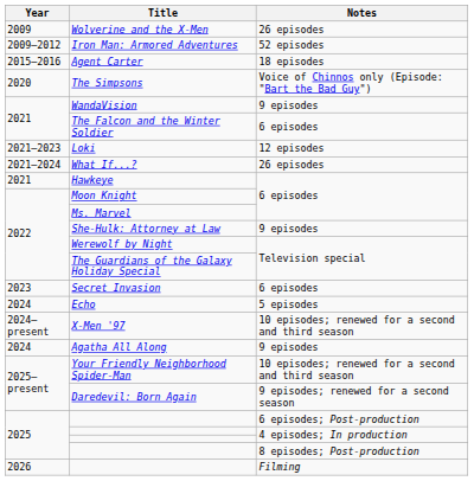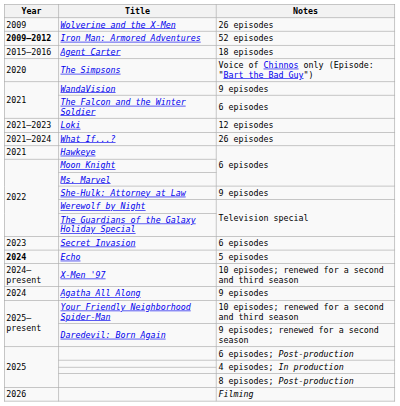 <table class="wikitable sortable">
 <tr>
 <th>Year</th>
 <th>Title</th>
 <th class="unsortable">Notes</th>
 </tr>
 <tr>
 <td>2009</td>
 <td><em><a href='#'>Wolverine and the X-Men</a></em></td>
 <td>26 episodes</td>
 </tr>
 <tr>
-<td>2009–2012</td>
+<td><strong>2009–2012</strong></td>
 <td><em><a href='#'>Iron Man: Armored Adventures</a></em></td>
 <td>52 episodes</td>
 </tr>
 <tr>
 <td>2015–2016</td>
 <td><em><a href='#'>Agent Carter</a></em></td>
 <td>18 episodes</td>
 </tr>
 <tr>
 <td>2020</td>
 <td><em><a href='#'>The Simpsons</a></em></td>
 <td>Voice of <a href='#'>Chinnos</a> only (Episode: "<a href='#'>Bart the Bad Guy</a>")</td>
 </tr>
 <tr>
 <td rowspan="2">2021</td>
 <td><em><a href='#'>WandaVision</a></em></td>
 <td>9 episodes</td>
 </tr>
 <tr>
 <td><em><a href='#'>The Falcon and the Winter Soldier</a></em></td>
 <td>6 episodes</td>
 </tr>
 <tr>
 <td>2021–2023</td>
 <td><em><a href='#'>Loki</a></em></td>
 <td>12 episodes</td>
 </tr>
 <tr>
 <td>2021–2024</td>
 <td><em><a href='#'>What If...?</a></em></td>
 <td>26 episodes</td>
 </tr>
 <tr>
 <td>2021</td>
 <td><em><a href='#'>Hawkeye</a></em></td>
 <td rowspan="3">6 episodes</td>
 </tr>
 <tr>
 <td rowspan="5">2022</td>
 <td><em><a href='#'>Moon Knight</a></em></td>
 </tr>
 <tr>
 <td><em><a href='#'>Ms. Marvel</a></em></td>
 </tr>
 <tr>
 <td><em><a href='#'>She-Hulk: Attorney at Law</a></em></td>
 <td>9 episodes</td>
 </tr>
 <tr>
 <td><em><a href='#'>Werewolf by Night</a></em></td>
 <td rowspan="2">Television special</td>
 </tr>
 <tr>
 <td><em><a href='#'>The Guardians of the Galaxy Holiday Special</a></em></td>
 </tr>
 <tr>
 <td>2023</td>
 <td><em><a href='#'>Secret Invasion</a></em></td>
 <td>6 episodes</td>
 </tr>
 <tr>
-<td>2024</td>
+<td><strong>2024</strong></td>
 <td><em><a href='#'>Echo</a></em></td>
 <td>5 episodes</td>
 </tr>
 <tr>
 <td>2024–present</td>
 <td><em><a href='#'>X-Men '97</a></em></td>
 <td>10 episodes; renewed for a second and third season</td>
 </tr>
 <tr>
 <td>2024</td>
 <td><em><a href='#'>Agatha All Along</a></em></td>
 <td>9 episodes</td>
 </tr>
 <tr>
 <td rowspan="2">2025–present</td>
 <td><em><a href='#'>Your Friendly Neighborhood Spider-Man</a></em></td>
 <td>10 episodes; renewed for a second and third season</td>
 </tr>
 <tr>
 <td><em><a href='#'>Daredevil: Born Again</a></em></td>
 <td>9 episodes; renewed for a second season</td>
 </tr>
 <tr>
 <td rowspan="4">2025</td>
 <td></td>
 <td>6 episodes; <em>Post-production</em></td>
 </tr>
 <tr>
 <td></td>
 <td rowspan="2">4 episodes; <em>In production</em></td>
 </tr>
 <tr>
 <td></td>
 </tr>
 <tr>
 <td></td>
 <td>8 episodes; <em>Post-production</em></td>
 </tr>
 <tr>
 <td>2026</td>
 <td></td>
 <td><em>Filming</em><br> </td>
 </tr>
 </table>
